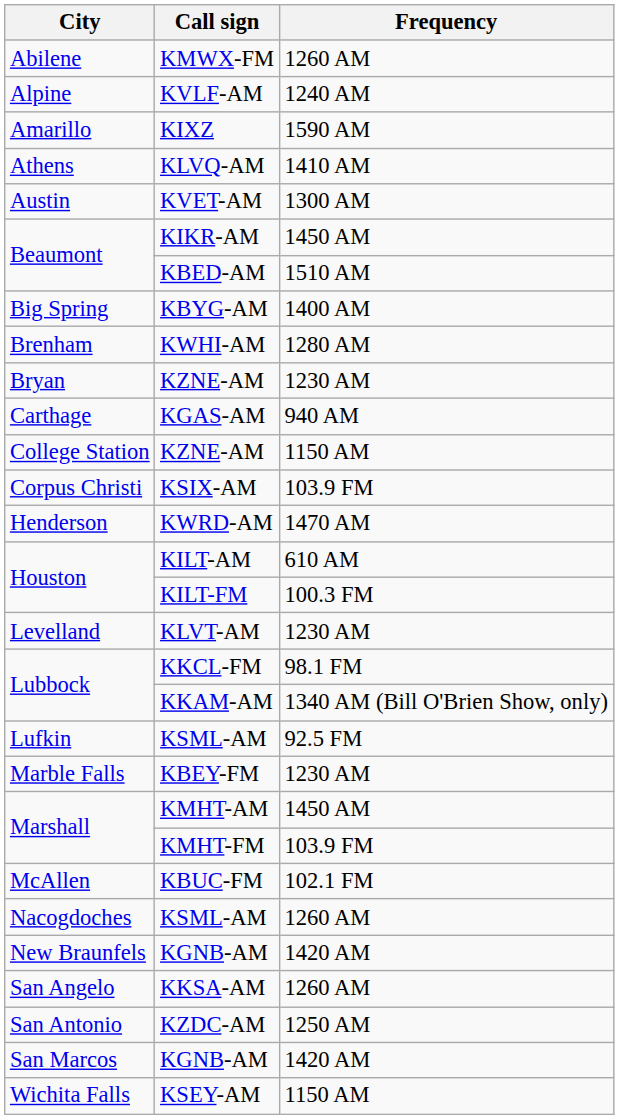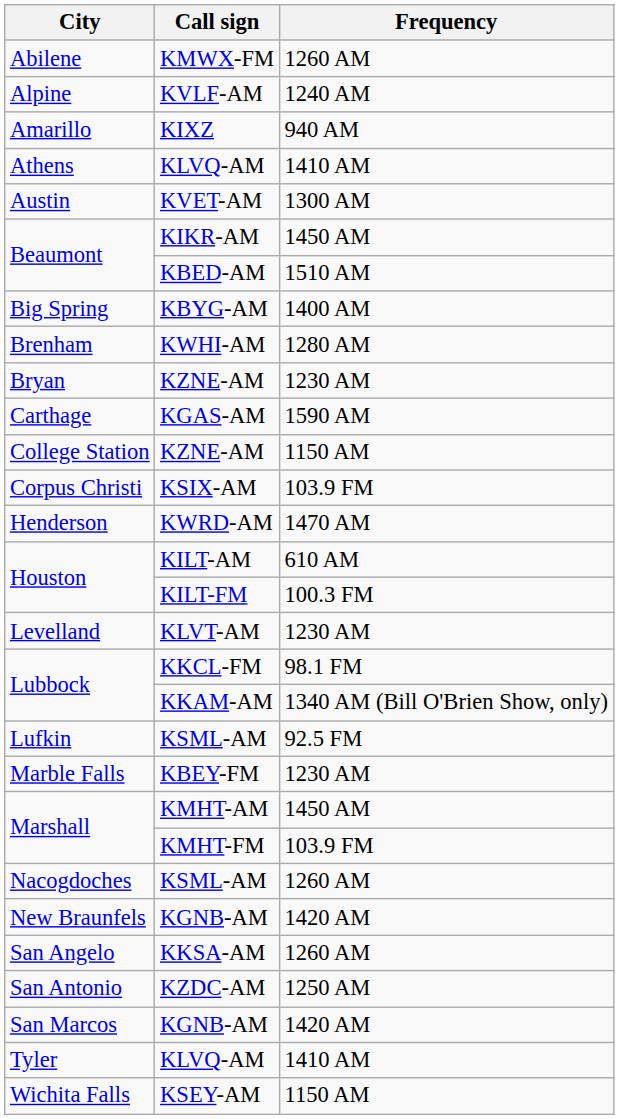 <table class="wikitable">
 <tr>
 <th>City</th>
 <th>Call sign</th>
 <th>Frequency</th>
 </tr>
 <tr>
 <td><a href='#'>Abilene</a></td>
 <td><a href='#'>KMWX</a>-FM</td>
 <td>1260 AM</td>
 </tr>
 <tr>
 <td><a href='#'>Alpine</a></td>
 <td><a href='#'>KVLF</a>-AM</td>
 <td>1240 AM</td>
 </tr>
 <tr>
 <td><a href='#'>Amarillo</a></td>
 <td><a href='#'>KIXZ</a></td>
-<td>1590 AM</td>
+<td>940 AM</td>
 </tr>
 <tr>
 <td><a href='#'>Athens</a></td>
 <td><a href='#'>KLVQ</a>-AM</td>
 <td>1410 AM</td>
 </tr>
 <tr>
 <td><a href='#'>Austin</a></td>
 <td><a href='#'>KVET</a>-AM</td>
 <td>1300 AM</td>
 </tr>
 <tr>
 <td rowspan=2><a href='#'>Beaumont</a></td>
 <td><a href='#'>KIKR</a>-AM</td>
 <td>1450 AM</td>
 </tr>
 <tr>
 <td><a href='#'>KBED</a>-AM</td>
 <td>1510 AM</td>
 </tr>
 <tr>
 <td><a href='#'>Big Spring</a></td>
 <td><a href='#'>KBYG</a>-AM</td>
 <td>1400 AM</td>
 </tr>
 <tr>
 <td><a href='#'>Brenham</a></td>
 <td><a href='#'>KWHI</a>-AM</td>
 <td>1280 AM</td>
 </tr>
 <tr>
 <td><a href='#'>Bryan</a></td>
 <td><a href='#'>KZNE</a>-AM</td>
 <td>1230 AM</td>
 </tr>
 <tr>
 <td><a href='#'>Carthage</a></td>
 <td><a href='#'>KGAS</a>-AM</td>
-<td>940 AM</td>
+<td>1590 AM</td>
 </tr>
 <tr>
 <td><a href='#'>College Station</a></td>
 <td><a href='#'>KZNE</a>-AM</td>
 <td>1150 AM</td>
 </tr>
 <tr>
 <td><a href='#'>Corpus Christi</a></td>
 <td><a href='#'>KSIX</a>-AM</td>
 <td>103.9 FM</td>
 </tr>
 <tr>
 <td><a href='#'>Henderson</a></td>
 <td><a href='#'>KWRD</a>-AM</td>
 <td>1470 AM</td>
 </tr>
 <tr>
 <td rowspan=2><a href='#'>Houston</a></td>
 <td><a href='#'>KILT</a>-AM</td>
 <td>610 AM</td>
 </tr>
 <tr>
 <td><a href='#'>KILT-FM</a></td>
 <td>100.3 FM</td>
 </tr>
 <tr>
 <td><a href='#'>Levelland</a></td>
 <td><a href='#'>KLVT</a>-AM</td>
 <td>1230 AM</td>
 </tr>
 <tr>
 <td rowspan=2><a href='#'>Lubbock</a></td>
 <td><a href='#'>KKCL</a>-FM</td>
 <td>98.1 FM</td>
 </tr>
 <tr>
 <td><a href='#'>KKAM</a>-AM</td>
 <td>1340 AM (Bill O'Brien Show, only)</td>
 </tr>
 <tr>
 <td><a href='#'>Lufkin</a></td>
 <td><a href='#'>KSML</a>-AM</td>
 <td>92.5 FM</td>
 </tr>
 <tr>
 <td><a href='#'>Marble Falls</a></td>
 <td><a href='#'>KBEY</a>-FM</td>
 <td>1230 AM</td>
 </tr>
 <tr>
 <td rowspan=2><a href='#'>Marshall</a></td>
 <td><a href='#'>KMHT</a>-AM</td>
 <td>1450 AM</td>
 </tr>
 <tr>
 <td><a href='#'>KMHT</a>-FM</td>
 <td>103.9 FM</td>
 </tr>
 <tr>
-<td><a href='#'>McAllen</a></td>
-<td><a href='#'>KBUC</a>-FM</td>
-<td>102.1 FM</td>
-</tr>
-<tr>
 <td><a href='#'>Nacogdoches</a></td>
 <td><a href='#'>KSML</a>-AM</td>
 <td>1260 AM</td>
 </tr>
 <tr>
 <td><a href='#'>New Braunfels</a></td>
 <td><a href='#'>KGNB</a>-AM</td>
 <td>1420 AM</td>
 </tr>
 <tr>
 <td><a href='#'>San Angelo</a></td>
 <td><a href='#'>KKSA</a>-AM</td>
 <td>1260 AM</td>
 </tr>
 <tr>
 <td><a href='#'>San Antonio</a></td>
 <td><a href='#'>KZDC</a>-AM</td>
 <td>1250 AM</td>
 </tr>
 <tr>
 <td><a href='#'>San Marcos</a></td>
 <td><a href='#'>KGNB</a>-AM</td>
 <td>1420 AM</td>
 </tr>
 <tr>
+<td><a href='#'>Tyler</a></td>
+<td><a href='#'>KLVQ</a>-AM</td>
+<td>1410 AM</td>
+</tr>
+<tr>
 <td><a href='#'>Wichita Falls</a></td>
 <td><a href='#'>KSEY</a>-AM</td>
 <td>1150 AM</td>
 </tr>
 </table>
